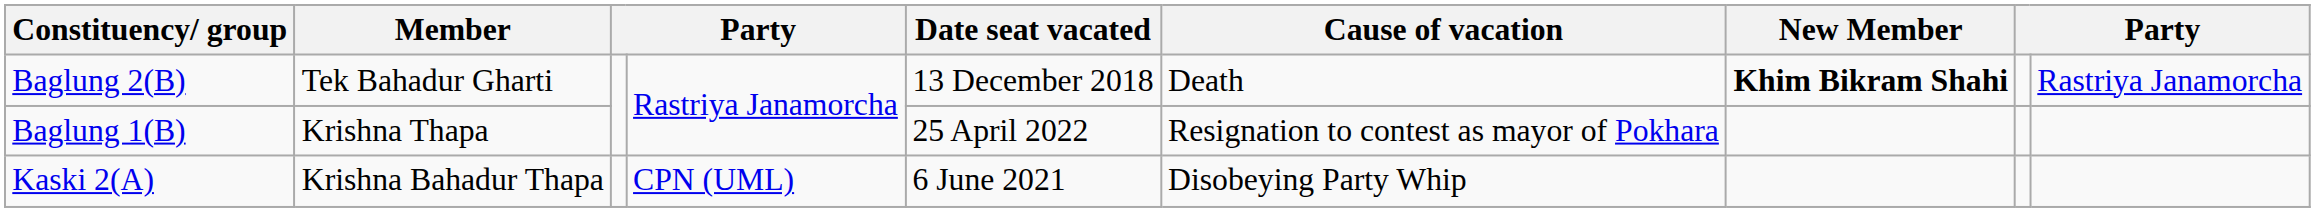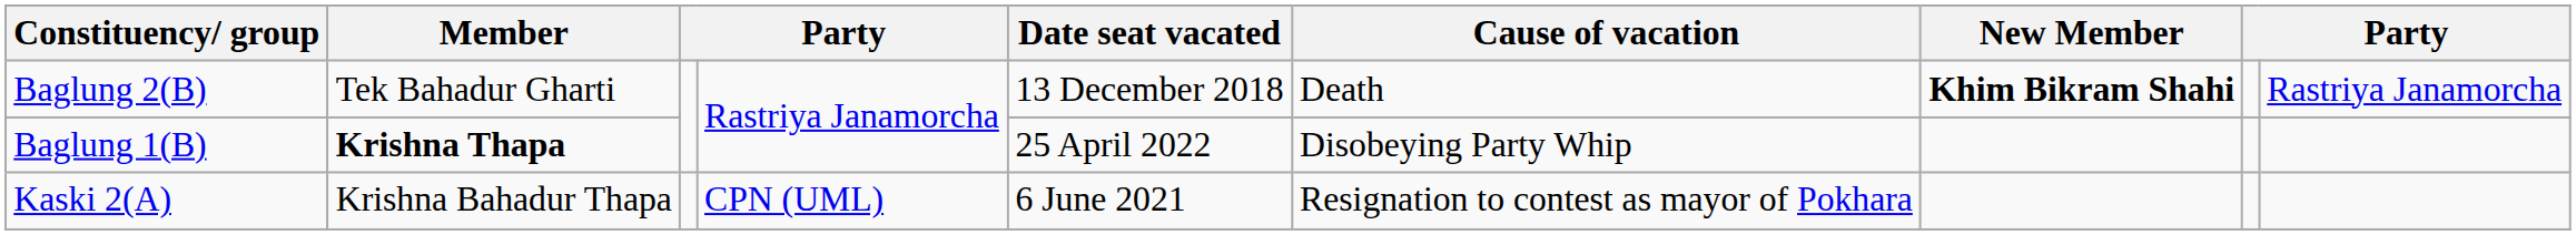 <table class="wikitable">
 <tr>
 <th>Constituency/ group</th>
 <th>Member</th>
 <th colspan="2">Party</th>
 <th>Date seat vacated</th>
 <th>Cause of vacation</th>
 <th>New Member</th>
 <th colspan="2">Party</th>
 </tr>
 <tr>
 <td><a href='#'>Baglung 2(B)</a></td>
 <td>Tek Bahadur Gharti</td>
 <td rowspan="2"></td>
 <td rowspan="2"><a href='#'>Rastriya Janamorcha</a></td>
 <td>13 December 2018</td>
 <td>Death</td>
 <td><strong>Khim Bikram Shahi</strong></td>
 <td></td>
 <td><a href='#'>Rastriya Janamorcha</a></td>
 </tr>
 <tr>
 <td><a href='#'>Baglung 1(B)</a></td>
-<td>Krishna Thapa</td>
+<td><strong>Krishna Thapa</strong></td>
 <td>25 April 2022</td>
-<td>Resignation to contest as mayor of <a href='#'>Pokhara</a></td>
+<td>Disobeying Party Whip</td>
 <td></td>
 <td></td>
 <td></td>
 </tr>
 <tr>
 <td><a href='#'>Kaski 2(A)</a></td>
 <td>Krishna Bahadur Thapa</td>
 <td></td>
 <td><a href='#'>CPN (UML)</a></td>
 <td>6 June 2021</td>
-<td>Disobeying Party Whip</td>
+<td>Resignation to contest as mayor of <a href='#'>Pokhara</a></td>
 <td></td>
 <td></td>
 <td></td>
 </tr>
 </table>
